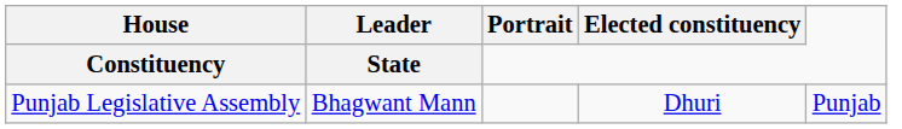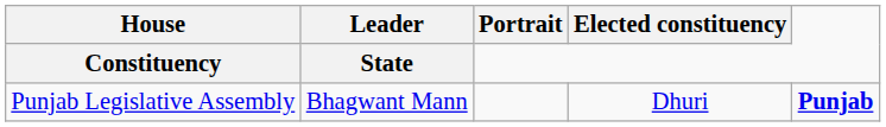 <table class="wikitable" style="text-align:center">
 <tr>
 <th Style="background-color:">House</th>
 <th Style="background-color:">Leader</th>
 <th Style="background-color:">Portrait</th>
 <th Style="background-color:">Elected constituency</th>
 </tr>
 <tr>
 <th Style="background-color:">Constituency</th>
 <th Style="background-color:">State</th>
 </tr>
 <tr>
 <td><a href='#'>Punjab Legislative Assembly</a></td>
 <td><a href='#'>Bhagwant Mann</a></td>
 <td></td>
 <td><a href='#'>Dhuri</a></td>
-<td><a href='#'>Punjab</a></td>
+<td><strong><a href='#'>Punjab</a></strong></td>
 </tr>
 </table>
